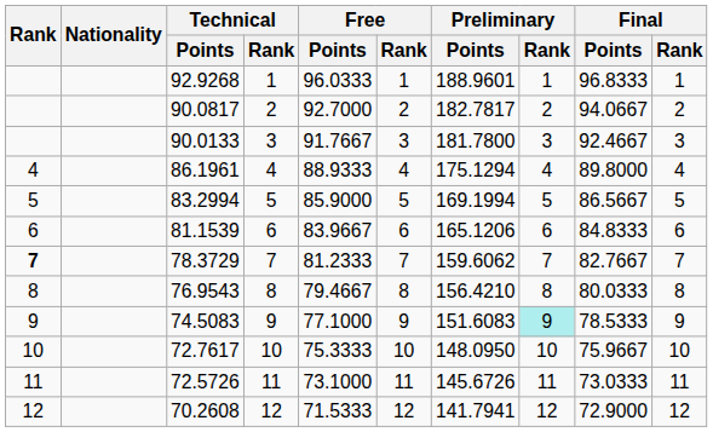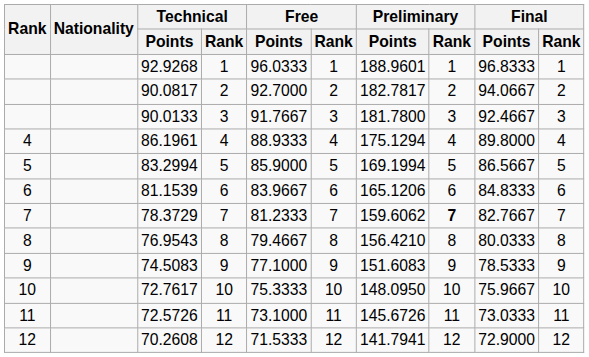 <table class="wikitable" style="text-align:center">
 <tr>
 <th rowspan="2">Rank</th>
 <th rowspan="2">Nationality</th>
 <th colspan="2">Technical</th>
 <th colspan="2">Free</th>
 <th colspan="2">Preliminary</th>
 <th colspan="2">Final</th>
 </tr>
 <tr>
 <th>Points</th>
 <th>Rank</th>
 <th>Points</th>
 <th>Rank</th>
 <th>Points</th>
 <th>Rank</th>
 <th>Points</th>
 <th>Rank</th>
 </tr>
 <tr>
 <td></td>
 <td align=left></td>
 <td>92.9268</td>
 <td>1</td>
 <td>96.0333</td>
 <td>1</td>
 <td>188.9601</td>
 <td>1</td>
 <td>96.8333</td>
 <td>1</td>
 </tr>
 <tr>
 <td></td>
 <td align=left></td>
 <td>90.0817</td>
 <td>2</td>
 <td>92.7000</td>
 <td>2</td>
 <td>182.7817</td>
 <td>2</td>
 <td>94.0667</td>
 <td>2</td>
 </tr>
 <tr>
 <td></td>
 <td align=left></td>
 <td>90.0133</td>
 <td>3</td>
 <td>91.7667</td>
 <td>3</td>
 <td>181.7800</td>
 <td>3</td>
 <td>92.4667</td>
 <td>3</td>
 </tr>
 <tr>
 <td>4</td>
 <td align=left></td>
 <td>86.1961</td>
 <td>4</td>
 <td>88.9333</td>
 <td>4</td>
 <td>175.1294</td>
 <td>4</td>
 <td>89.8000</td>
 <td>4</td>
 </tr>
 <tr>
 <td>5</td>
 <td align=left></td>
 <td>83.2994</td>
 <td>5</td>
 <td>85.9000</td>
 <td>5</td>
 <td>169.1994</td>
 <td>5</td>
 <td>86.5667</td>
 <td>5</td>
 </tr>
 <tr>
 <td>6</td>
 <td align=left></td>
 <td>81.1539</td>
 <td>6</td>
 <td>83.9667</td>
 <td>6</td>
 <td>165.1206</td>
 <td>6</td>
 <td>84.8333</td>
 <td>6</td>
 </tr>
 <tr>
-<td><strong>7</strong></td>
+<td>7</td>
 <td align=left></td>
 <td>78.3729</td>
 <td>7</td>
 <td>81.2333</td>
 <td>7</td>
 <td>159.6062</td>
-<td>7</td>
+<td><strong>7</strong></td>
 <td>82.7667</td>
 <td>7</td>
 </tr>
 <tr>
 <td>8</td>
 <td align=left></td>
 <td>76.9543</td>
 <td>8</td>
 <td>79.4667</td>
 <td>8</td>
 <td>156.4210</td>
 <td>8</td>
 <td>80.0333</td>
 <td>8</td>
 </tr>
 <tr>
 <td>9</td>
 <td align=left></td>
 <td>74.5083</td>
 <td>9</td>
 <td>77.1000</td>
 <td>9</td>
 <td>151.6083</td>
-<td style="background: paleturquoise;">9</td>
+<td>9</td>
 <td>78.5333</td>
 <td>9</td>
 </tr>
 <tr>
 <td>10</td>
 <td align=left></td>
 <td>72.7617</td>
 <td>10</td>
 <td>75.3333</td>
 <td>10</td>
 <td>148.0950</td>
 <td>10</td>
 <td>75.9667</td>
 <td>10</td>
 </tr>
 <tr>
 <td>11</td>
 <td align=left></td>
 <td>72.5726</td>
 <td>11</td>
 <td>73.1000</td>
 <td>11</td>
 <td>145.6726</td>
 <td>11</td>
 <td>73.0333</td>
 <td>11</td>
 </tr>
 <tr>
 <td>12</td>
 <td align=left></td>
 <td>70.2608</td>
 <td>12</td>
 <td>71.5333</td>
 <td>12</td>
 <td>141.7941</td>
 <td>12</td>
 <td>72.9000</td>
 <td>12</td>
 </tr>
 </table>
